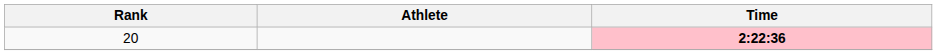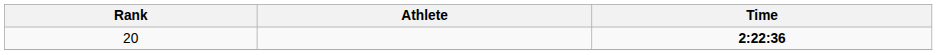 <table class="wikitable" style=" text-align:center; font-size:110%;" width="60%">
 <tr>
 <th>Rank</th>
 <th>Athlete</th>
 <th>Time</th>
 </tr>
 <tr>
 <td>20</td>
 <td align=left></td>
-<td align="center" style="background: pink;"><strong>2:22:36</strong></td>
+<td align="center"><strong>2:22:36</strong></td>
 </tr>
 <tr>
 </tr>
 </table>
